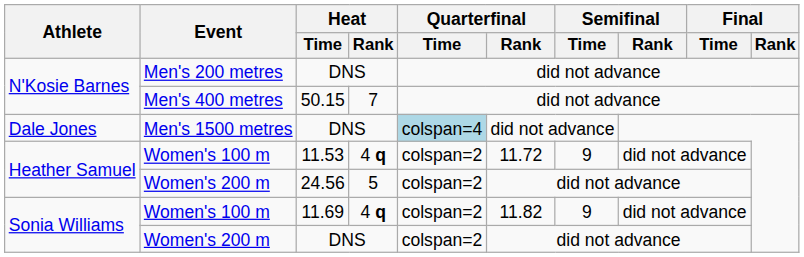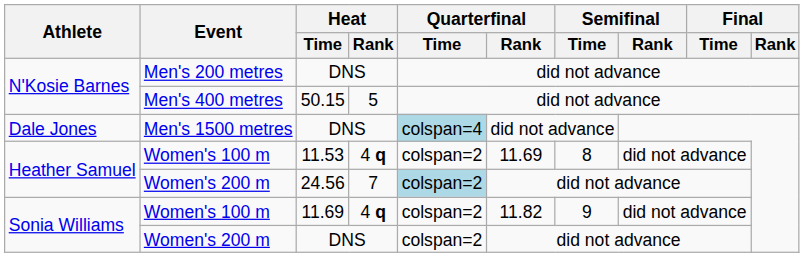 <table class="wikitable" style="font-size:90%">
 <tr>
 <th rowspan=2>Athlete</th>
 <th rowspan=2>Event</th>
 <th colspan=2>Heat</th>
 <th colspan=2>Quarterfinal</th>
 <th colspan=2>Semifinal</th>
 <th colspan=2>Final</th>
 </tr>
 <tr style=font-size:95%>
 <th>Time</th>
 <th>Rank</th>
 <th>Time</th>
 <th>Rank</th>
 <th>Time</th>
 <th>Rank</th>
 <th>Time</th>
 <th>Rank</th>
 </tr>
 <tr align=center>
 <td align=left rowspan=2><a href='#'>N'Kosie Barnes</a></td>
 <td align=left><a href='#'>Men's 200 metres</a></td>
 <td colspan=2>DNS</td>
 <td colspan=6>did not advance</td>
 </tr>
 <tr align=center>
 <td align=left><a href='#'>Men's 400 metres</a></td>
 <td>50.15</td>
-<td>7</td>
+<td>5</td>
 <td colspan=6>did not advance</td>
 </tr>
 <tr align=center>
 <td align=left><a href='#'>Dale Jones</a></td>
 <td align=left><a href='#'>Men's 1500 metres</a></td>
 <td colspan=2>DNS</td>
 <td style="background: lightblue;">colspan=4 </td>
 <td colspan=2>did not advance</td>
 </tr>
 <tr align=center>
 <td align=left rowspan=2><a href='#'>Heather Samuel</a></td>
 <td align=left><a href='#'>Women's 100 m</a></td>
 <td>11.53</td>
 <td>4 <strong>q</strong></td>
 <td>colspan=2 </td>
-<td>11.72</td>
-<td>9</td>
+<td>11.69</td>
+<td>8</td>
 <td colspan=2>did not advance</td>
 </tr>
 <tr align=center>
 <td align=left><a href='#'>Women's 200 m</a></td>
 <td>24.56</td>
-<td>5</td>
-<td>colspan=2 </td>
+<td>7</td>
+<td style="background: lightblue;">colspan=2 </td>
 <td colspan=4>did not advance</td>
 </tr>
 <tr align=center>
 <td align=left rowspan=2><a href='#'>Sonia Williams</a></td>
 <td align=left><a href='#'>Women's 100 m</a></td>
 <td>11.69</td>
 <td>4 <strong>q</strong></td>
 <td>colspan=2 </td>
 <td>11.82</td>
 <td>9</td>
 <td colspan=2>did not advance</td>
 </tr>
 <tr align=center>
 <td align=left><a href='#'>Women's 200 m</a></td>
 <td colspan=2>DNS</td>
 <td>colspan=2 </td>
 <td colspan=4>did not advance</td>
 </tr>
 </table>
